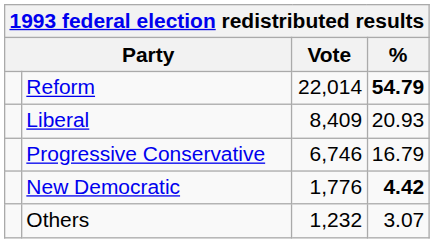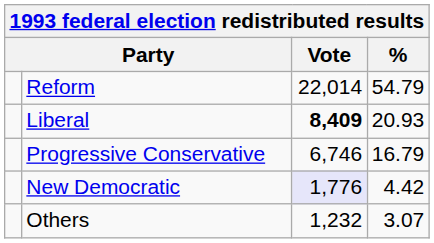 <table class="wikitable">
 <tr>
 <th colspan="4"><a href='#'>1993 federal election</a> redistributed results</th>
 </tr>
 <tr>
 <th bgcolor="#DDDDFF" width="130px" colspan="2">Party</th>
 <th bgcolor="#DDDDFF" width="50px">Vote</th>
 <th bgcolor="#DDDDFF" width="30px">%</th>
 </tr>
 <tr>
 <td> </td>
 <td><a href='#'>Reform</a></td>
 <td align=right>22,014</td>
-<td align=right><strong>54.79</strong></td>
+<td align=right>54.79</td>
 </tr>
 <tr>
 <td> </td>
 <td><a href='#'>Liberal</a></td>
-<td align=right>8,409</td>
+<td align=right><strong>8,409</strong></td>
 <td align=right>20.93</td>
 </tr>
 <tr>
 <td> </td>
 <td><a href='#'>Progressive Conservative</a></td>
 <td align=right>6,746</td>
 <td align=right>16.79</td>
 </tr>
 <tr>
 <td> </td>
 <td><a href='#'>New Democratic</a></td>
-<td align=right>1,776</td>
-<td align=right><strong>4.42</strong></td>
+<td align=right style="background: lavender;">1,776</td>
+<td align=right>4.42</td>
 </tr>
 <tr>
 <td> </td>
 <td>Others</td>
 <td align=right>1,232</td>
 <td align=right>3.07</td>
 </tr>
 </table>
